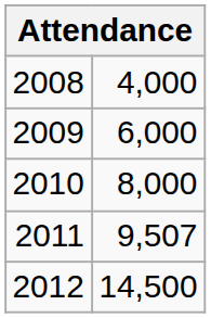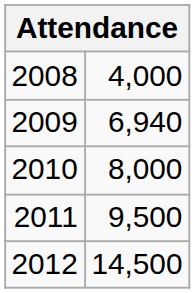 <table class="wikitable" style="float:right; clear; margin:7px; text-size:80%; text-align:right">
 <tr>
 <th style="text-align:center;" colspan="2">Attendance</th>
 </tr>
 <tr>
 <td>2008</td>
 <td>4,000</td>
 </tr>
 <tr>
 <td>2009</td>
-<td>6,000</td>
+<td>6,940</td>
 </tr>
 <tr>
 <td>2010</td>
 <td>8,000</td>
 </tr>
 <tr>
 <td>2011</td>
-<td>9,507</td>
+<td>9,500</td>
 </tr>
 <tr>
 <td>2012</td>
 <td>14,500</td>
 </tr>
 </table>
